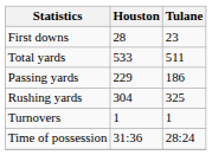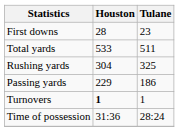 <table class="wikitable" style="float: right;">
 <tr>
 <th>Statistics</th>
 <th>Houston</th>
 <th>Tulane</th>
 </tr>
 <tr>
 <td>First downs</td>
 <td>28</td>
 <td>23</td>
 </tr>
 <tr>
 <td>Total yards</td>
 <td>533</td>
 <td>511</td>
 </tr>
 <tr>
+<td>Rushing yards</td>
+<td>304</td>
+<td>325</td>
+</tr>
+<tr>
 <td>Passing yards</td>
 <td>229</td>
 <td>186</td>
 </tr>
 <tr>
-<td>Rushing yards</td>
-<td>304</td>
-<td>325</td>
-</tr>
-<tr>
 <td>Turnovers</td>
-<td>1</td>
+<td><strong>1</strong></td>
 <td>1</td>
 </tr>
 <tr>
 <td>Time of possession</td>
 <td>31:36</td>
 <td>28:24</td>
 </tr>
 <tr>
 </tr>
 </table>
